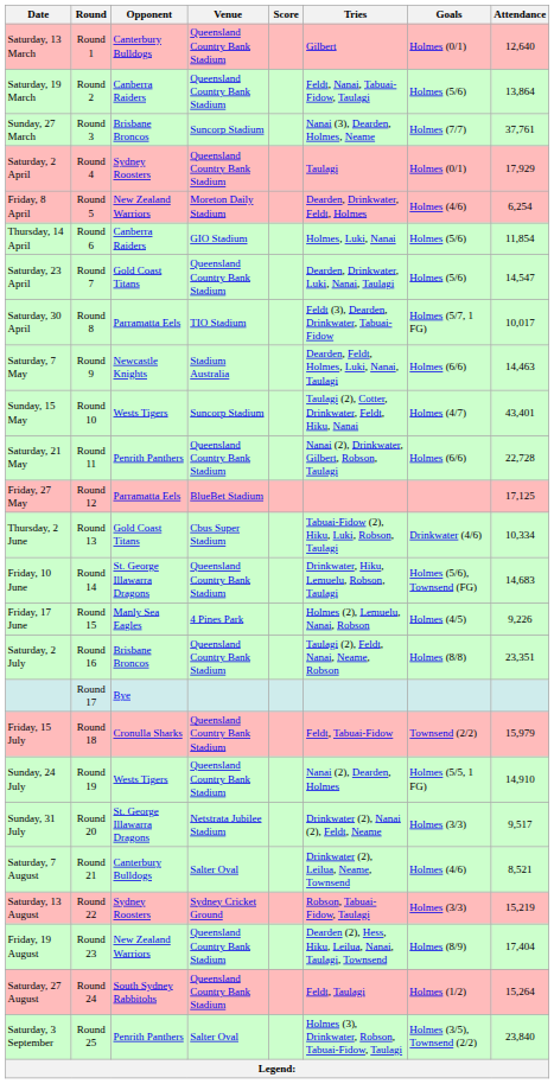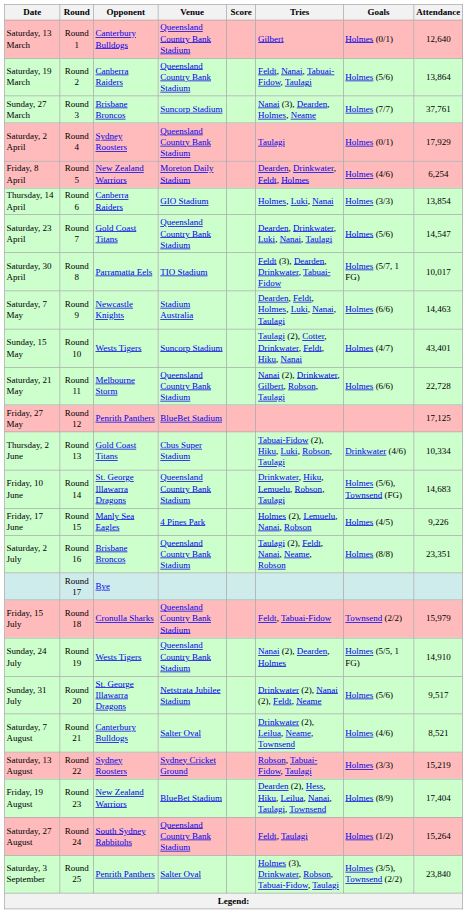 <table class="wikitable" style="font-size:75%;">
 <tr>
 <th style="width:120px;">Date</th>
 <th style="width:50px;">Round</th>
 <th style="width:160px;">Opponent</th>
 <th style="width:170px;">Venue</th>
 <th style="width:50px;">Score</th>
 <th style="width:270px;">Tries</th>
 <th style="width:190px;">Goals</th>
 <th style="width:60px;">Attendance</th>
 </tr>
 <tr style="background:#FFBBBB">
 <td>Saturday, 13 March</td>
 <td style="text-align:center;">Round 1</td>
 <td> <a href='#'>Canterbury Bulldogs</a></td>
 <td><a href='#'>Queensland Country Bank Stadium</a></td>
 <td style="text-align:center;"></td>
 <td><a href='#'>Gilbert</a></td>
 <td><a href='#'>Holmes</a> (0/1)</td>
 <td style="text-align:center;">12,640</td>
 </tr>
 <tr style="background:#CCFFCC">
 <td>Saturday, 19 March</td>
 <td style="text-align:center;">Round 2</td>
 <td> <a href='#'>Canberra Raiders</a></td>
 <td><a href='#'>Queensland Country Bank Stadium</a></td>
 <td style="text-align:center;"></td>
 <td><a href='#'>Feldt</a>, <a href='#'>Nanai</a>, <a href='#'>Tabuai-Fidow</a>, <a href='#'>Taulagi</a></td>
 <td><a href='#'>Holmes</a> (5/6)</td>
 <td style="text-align:center;">13,864</td>
 </tr>
 <tr style="background:#CCFFCC">
 <td>Sunday, 27 March</td>
 <td style="text-align:center;">Round 3</td>
 <td> <a href='#'>Brisbane Broncos</a></td>
 <td><a href='#'>Suncorp Stadium</a></td>
 <td style="text-align:center;"></td>
 <td><a href='#'>Nanai</a> (3), <a href='#'>Dearden</a>, <a href='#'>Holmes</a>, <a href='#'>Neame</a></td>
 <td><a href='#'>Holmes</a> (7/7)</td>
 <td style="text-align:center;">37,761</td>
 </tr>
 <tr style="background:#FFBBBB">
 <td>Saturday, 2 April</td>
 <td style="text-align:center;">Round 4</td>
 <td> <a href='#'>Sydney Roosters</a></td>
 <td><a href='#'>Queensland Country Bank Stadium</a></td>
 <td style="text-align:center;"></td>
 <td><a href='#'>Taulagi</a></td>
 <td><a href='#'>Holmes</a> (0/1)</td>
 <td style="text-align:center;">17,929</td>
 </tr>
 <tr style="background:#FFBBBB">
 <td>Friday, 8 April</td>
 <td style="text-align:center;">Round 5</td>
 <td> <a href='#'>New Zealand Warriors</a></td>
 <td><a href='#'>Moreton Daily Stadium</a></td>
 <td style="text-align:center;"></td>
 <td><a href='#'>Dearden</a>, <a href='#'>Drinkwater</a>, <a href='#'>Feldt</a>, <a href='#'>Holmes</a></td>
 <td><a href='#'>Holmes</a> (4/6)</td>
 <td style="text-align:center;">6,254</td>
 </tr>
 <tr style="background:#CCFFCC">
 <td>Thursday, 14 April</td>
 <td style="text-align:center;">Round 6</td>
 <td> <a href='#'>Canberra Raiders</a></td>
 <td><a href='#'>GIO Stadium</a></td>
 <td style="text-align:center;"></td>
 <td><a href='#'>Holmes</a>, <a href='#'>Luki</a>, <a href='#'>Nanai</a></td>
-<td><a href='#'>Holmes</a> (5/6)</td>
-<td style="text-align:center;">11,854</td>
+<td><a href='#'>Holmes</a> (3/3)</td>
+<td style="text-align:center;">13,854</td>
 </tr>
 <tr style="background:#CCFFCC">
 <td>Saturday, 23 April</td>
 <td style="text-align:center;">Round 7</td>
 <td> <a href='#'>Gold Coast Titans</a></td>
 <td><a href='#'>Queensland Country Bank Stadium</a></td>
 <td style="text-align:center;"></td>
 <td><a href='#'>Dearden</a>, <a href='#'>Drinkwater</a>, <a href='#'>Luki</a>, <a href='#'>Nanai</a>, <a href='#'>Taulagi</a></td>
 <td><a href='#'>Holmes</a> (5/6)</td>
 <td style="text-align:center;">14,547</td>
 </tr>
 <tr style="background:#CCFFCC">
 <td>Saturday, 30 April</td>
 <td style="text-align:center;">Round 8</td>
 <td> <a href='#'>Parramatta Eels</a></td>
 <td><a href='#'>TIO Stadium</a></td>
 <td style="text-align:center;"></td>
 <td><a href='#'>Feldt</a> (3), <a href='#'>Dearden</a>, <a href='#'>Drinkwater</a>, <a href='#'>Tabuai-Fidow</a></td>
 <td><a href='#'>Holmes</a> (5/7, 1 FG)</td>
 <td style="text-align:center;">10,017</td>
 </tr>
 <tr style="background:#CCFFCC">
 <td>Saturday, 7 May</td>
 <td style="text-align:center;">Round 9</td>
 <td> <a href='#'>Newcastle Knights</a></td>
 <td><a href='#'>Stadium Australia</a></td>
 <td style="text-align:center;"></td>
 <td><a href='#'>Dearden</a>, <a href='#'>Feldt</a>, <a href='#'>Holmes</a>, <a href='#'>Luki</a>, <a href='#'>Nanai</a>, <a href='#'>Taulagi</a></td>
 <td><a href='#'>Holmes</a> (6/6)</td>
 <td style="text-align:center;">14,463</td>
 </tr>
 <tr style="background:#CCFFCC">
 <td>Sunday, 15 May</td>
 <td style="text-align:center;">Round 10</td>
 <td> <a href='#'>Wests Tigers</a></td>
 <td><a href='#'>Suncorp Stadium</a></td>
 <td style="text-align:center;"></td>
 <td><a href='#'>Taulagi</a> (2), <a href='#'>Cotter</a>, <a href='#'>Drinkwater</a>, <a href='#'>Feldt</a>, <a href='#'>Hiku</a>, <a href='#'>Nanai</a></td>
 <td><a href='#'>Holmes</a> (4/7)</td>
 <td style="text-align:center;">43,401</td>
 </tr>
 <tr style="background:#CCFFCC">
 <td>Saturday, 21 May</td>
 <td style="text-align:center;">Round 11</td>
-<td> <a href='#'>Penrith Panthers</a></td>
+<td> <a href='#'>Melbourne Storm</a></td>
 <td><a href='#'>Queensland Country Bank Stadium</a></td>
 <td style="text-align:center;"></td>
 <td><a href='#'>Nanai</a> (2), <a href='#'>Drinkwater</a>, <a href='#'>Gilbert</a>, <a href='#'>Robson</a>, <a href='#'>Taulagi</a></td>
 <td><a href='#'>Holmes</a> (6/6)</td>
 <td style="text-align:center;">22,728</td>
 </tr>
 <tr style="background:#FFBBBB">
 <td>Friday, 27 May</td>
 <td style="text-align:center;">Round 12</td>
-<td> <a href='#'>Parramatta Eels</a></td>
+<td> <a href='#'>Penrith Panthers</a></td>
 <td><a href='#'>BlueBet Stadium</a></td>
 <td style="text-align:center;"></td>
 <td></td>
 <td></td>
 <td style="text-align:center;">17,125</td>
 </tr>
 <tr style="background:#CCFFCC">
 <td>Thursday, 2 June</td>
 <td style="text-align:center;">Round 13</td>
 <td> <a href='#'>Gold Coast Titans</a></td>
 <td><a href='#'>Cbus Super Stadium</a></td>
 <td style="text-align:center;"></td>
 <td><a href='#'>Tabuai-Fidow</a> (2), <a href='#'>Hiku</a>, <a href='#'>Luki</a>, <a href='#'>Robson</a>, <a href='#'>Taulagi</a></td>
 <td><a href='#'>Drinkwater</a> (4/6)</td>
 <td style="text-align:center;">10,334</td>
 </tr>
 <tr style="background:#CCFFCC">
 <td>Friday, 10 June</td>
 <td style="text-align:center;">Round 14</td>
 <td> <a href='#'>St. George Illawarra Dragons</a></td>
 <td><a href='#'>Queensland Country Bank Stadium</a></td>
 <td style="text-align:center;"></td>
 <td><a href='#'>Drinkwater</a>, <a href='#'>Hiku</a>, <a href='#'>Lemuelu</a>, <a href='#'>Robson</a>, <a href='#'>Taulagi</a></td>
 <td><a href='#'>Holmes</a> (5/6), <a href='#'>Townsend</a> (FG)</td>
 <td style="text-align:center;">14,683</td>
 </tr>
 <tr style="background:#CCFFCC">
 <td>Friday, 17 June</td>
 <td style="text-align:center;">Round 15</td>
 <td> <a href='#'>Manly Sea Eagles</a></td>
 <td><a href='#'>4 Pines Park</a></td>
 <td style="text-align:center;"></td>
 <td><a href='#'>Holmes</a> (2), <a href='#'>Lemuelu</a>, <a href='#'>Nanai</a>, <a href='#'>Robson</a></td>
 <td><a href='#'>Holmes</a> (4/5)</td>
 <td style="text-align:center;">9,226</td>
 </tr>
 <tr style="background:#CCFFCC">
 <td>Saturday, 2 July</td>
 <td style="text-align:center;">Round 16</td>
 <td> <a href='#'>Brisbane Broncos</a></td>
 <td><a href='#'>Queensland Country Bank Stadium</a></td>
 <td style="text-align:center;"></td>
 <td><a href='#'>Taulagi</a> (2), <a href='#'>Feldt</a>, <a href='#'>Nanai</a>, <a href='#'>Neame</a>, <a href='#'>Robson</a></td>
 <td><a href='#'>Holmes</a> (8/8)</td>
 <td style="text-align:center;">23,351</td>
 </tr>
 <tr style="background:#cfecec;">
 <td></td>
 <td style="text-align:center;">Round 17</td>
 <td><a href='#'>Bye</a></td>
 <td></td>
 <td></td>
 <td></td>
 <td></td>
 <td></td>
 </tr>
 <tr style="background:#FFBBBB">
 <td>Friday, 15 July</td>
 <td style="text-align:center;">Round 18</td>
 <td> <a href='#'>Cronulla Sharks</a></td>
 <td><a href='#'>Queensland Country Bank Stadium</a></td>
 <td style="text-align:center;"></td>
 <td><a href='#'>Feldt</a>, <a href='#'>Tabuai-Fidow</a></td>
 <td><a href='#'>Townsend</a> (2/2)</td>
 <td style="text-align:center;">15,979</td>
 </tr>
 <tr style="background:#CCFFCC">
 <td>Sunday, 24 July</td>
 <td style="text-align:center;">Round 19</td>
 <td> <a href='#'>Wests Tigers</a></td>
 <td><a href='#'>Queensland Country Bank Stadium</a></td>
 <td style="text-align:center;"></td>
 <td><a href='#'>Nanai</a> (2), <a href='#'>Dearden</a>, <a href='#'>Holmes</a></td>
 <td><a href='#'>Holmes</a> (5/5, 1 FG)</td>
 <td style="text-align:center;">14,910</td>
 </tr>
 <tr style="background:#CCFFCC">
 <td>Sunday, 31 July</td>
 <td style="text-align:center;">Round 20</td>
 <td> <a href='#'>St. George Illawarra Dragons</a></td>
 <td><a href='#'>Netstrata Jubilee Stadium</a></td>
 <td style="text-align:center;"></td>
 <td><a href='#'>Drinkwater</a> (2), <a href='#'>Nanai</a> (2), <a href='#'>Feldt</a>, <a href='#'>Neame</a></td>
-<td><a href='#'>Holmes</a> (3/3)</td>
+<td><a href='#'>Holmes</a> (5/6)</td>
 <td style="text-align:center;">9,517</td>
 </tr>
 <tr style="background:#CCFFCC">
 <td>Saturday, 7 August</td>
 <td style="text-align:center;">Round 21</td>
 <td> <a href='#'>Canterbury Bulldogs</a></td>
 <td><a href='#'>Salter Oval</a></td>
 <td style="text-align:center;"></td>
 <td><a href='#'>Drinkwater</a> (2), <a href='#'>Leilua</a>, <a href='#'>Neame</a>, <a href='#'>Townsend</a></td>
 <td><a href='#'>Holmes</a> (4/6)</td>
 <td style="text-align:center;">8,521</td>
 </tr>
 <tr style="background:#FFBBBB">
 <td>Saturday, 13 August</td>
 <td style="text-align:center;">Round 22</td>
 <td> <a href='#'>Sydney Roosters</a></td>
 <td><a href='#'>Sydney Cricket Ground</a></td>
 <td style="text-align:center;"></td>
 <td><a href='#'>Robson</a>, <a href='#'>Tabuai-Fidow</a>, <a href='#'>Taulagi</a></td>
 <td><a href='#'>Holmes</a> (3/3)</td>
 <td style="text-align:center;">15,219</td>
 </tr>
 <tr style="background:#CCFFCC">
 <td>Friday, 19 August</td>
 <td style="text-align:center;">Round 23</td>
 <td> <a href='#'>New Zealand Warriors</a></td>
-<td><a href='#'>Queensland Country Bank Stadium</a></td>
+<td><a href='#'>BlueBet Stadium</a></td>
 <td style="text-align:center;"></td>
 <td><a href='#'>Dearden</a> (2), <a href='#'>Hess</a>, <a href='#'>Hiku</a>, <a href='#'>Leilua</a>, <a href='#'>Nanai</a>, <a href='#'>Taulagi</a>, <a href='#'>Townsend</a></td>
 <td><a href='#'>Holmes</a> (8/9)</td>
 <td style="text-align:center;">17,404</td>
 </tr>
 <tr style="background:#FFBBBB">
 <td>Saturday, 27 August</td>
 <td style="text-align:center;">Round 24</td>
 <td> <a href='#'>South Sydney Rabbitohs</a></td>
 <td><a href='#'>Queensland Country Bank Stadium</a></td>
 <td style="text-align:center;"></td>
 <td><a href='#'>Feldt</a>, <a href='#'>Taulagi</a></td>
 <td><a href='#'>Holmes</a> (1/2)</td>
 <td style="text-align:center;">15,264</td>
 </tr>
 <tr style="background:#CCFFCC">
 <td>Saturday, 3 September</td>
 <td style="text-align:center;">Round 25</td>
 <td> <a href='#'>Penrith Panthers</a></td>
 <td><a href='#'>Salter Oval</a></td>
 <td style="text-align:center;"></td>
 <td><a href='#'>Holmes</a> (3), <a href='#'>Drinkwater</a>, <a href='#'>Robson</a>, <a href='#'>Tabuai-Fidow</a>, <a href='#'>Taulagi</a></td>
 <td><a href='#'>Holmes</a> (3/5), <a href='#'>Townsend</a> (2/2)</td>
 <td style="text-align:center;">23,840</td>
 </tr>
 <tr>
 <th colspan="11"><strong>Legend</strong>:    </th>
 </tr>
 </table>
